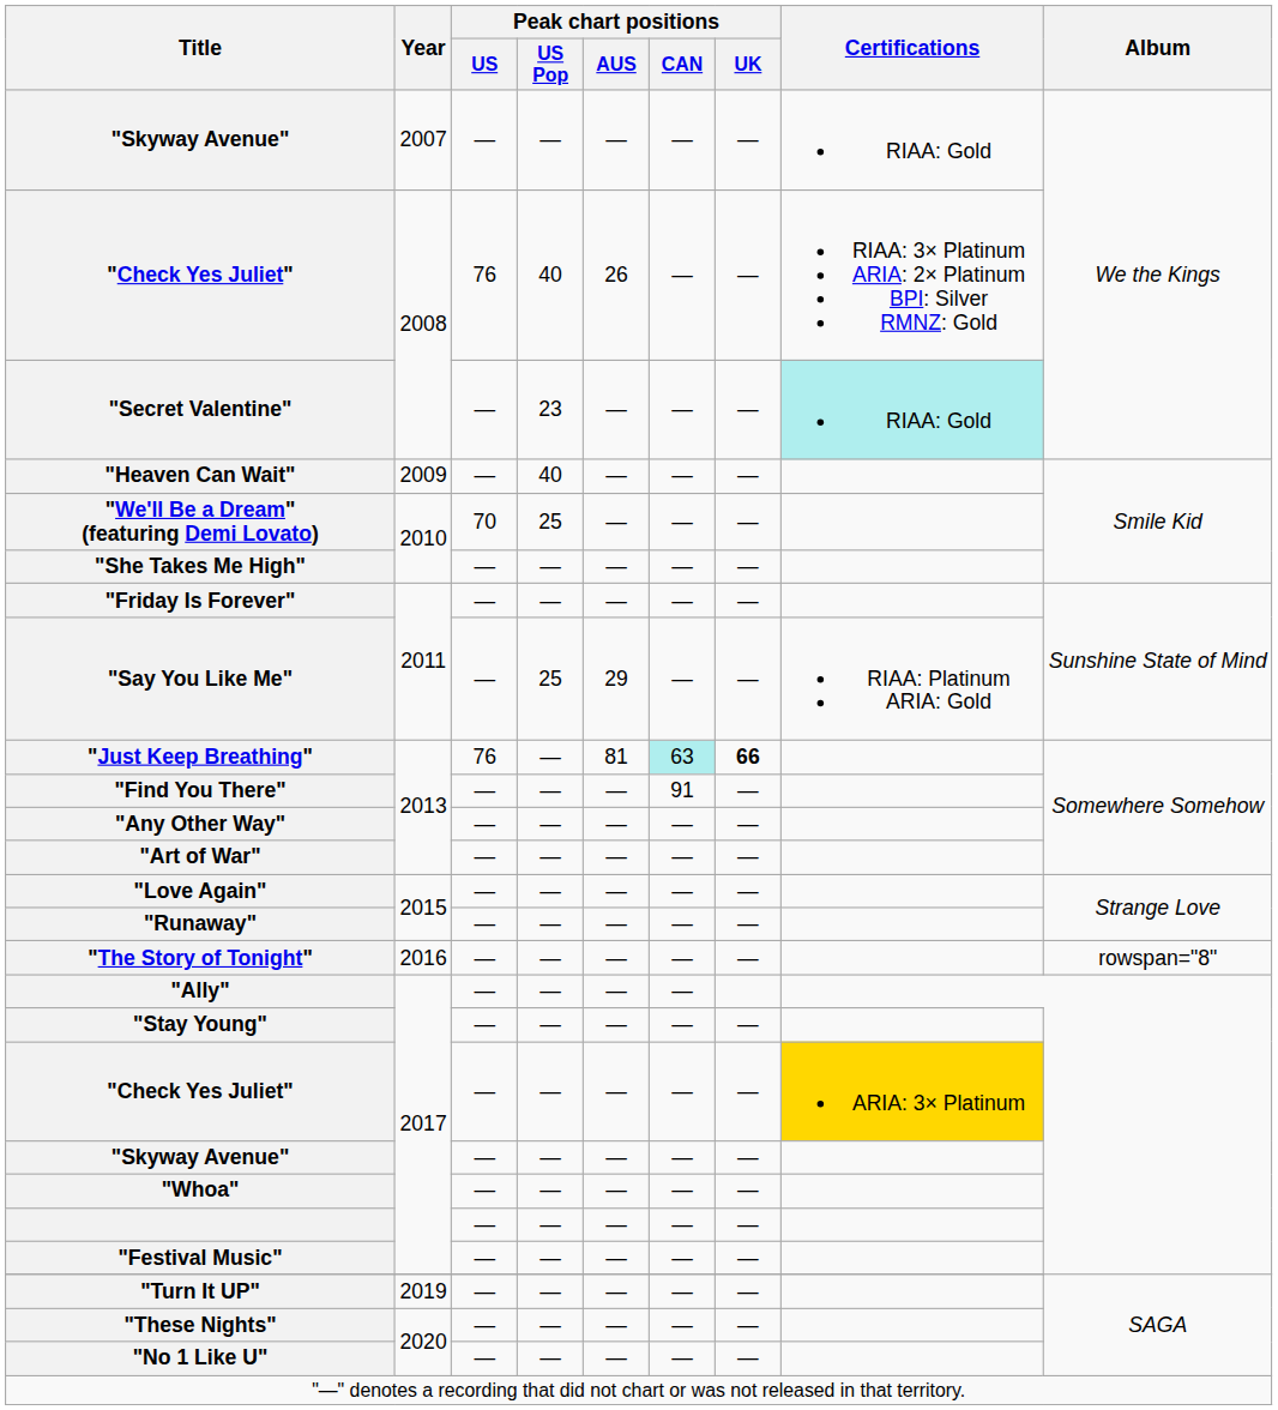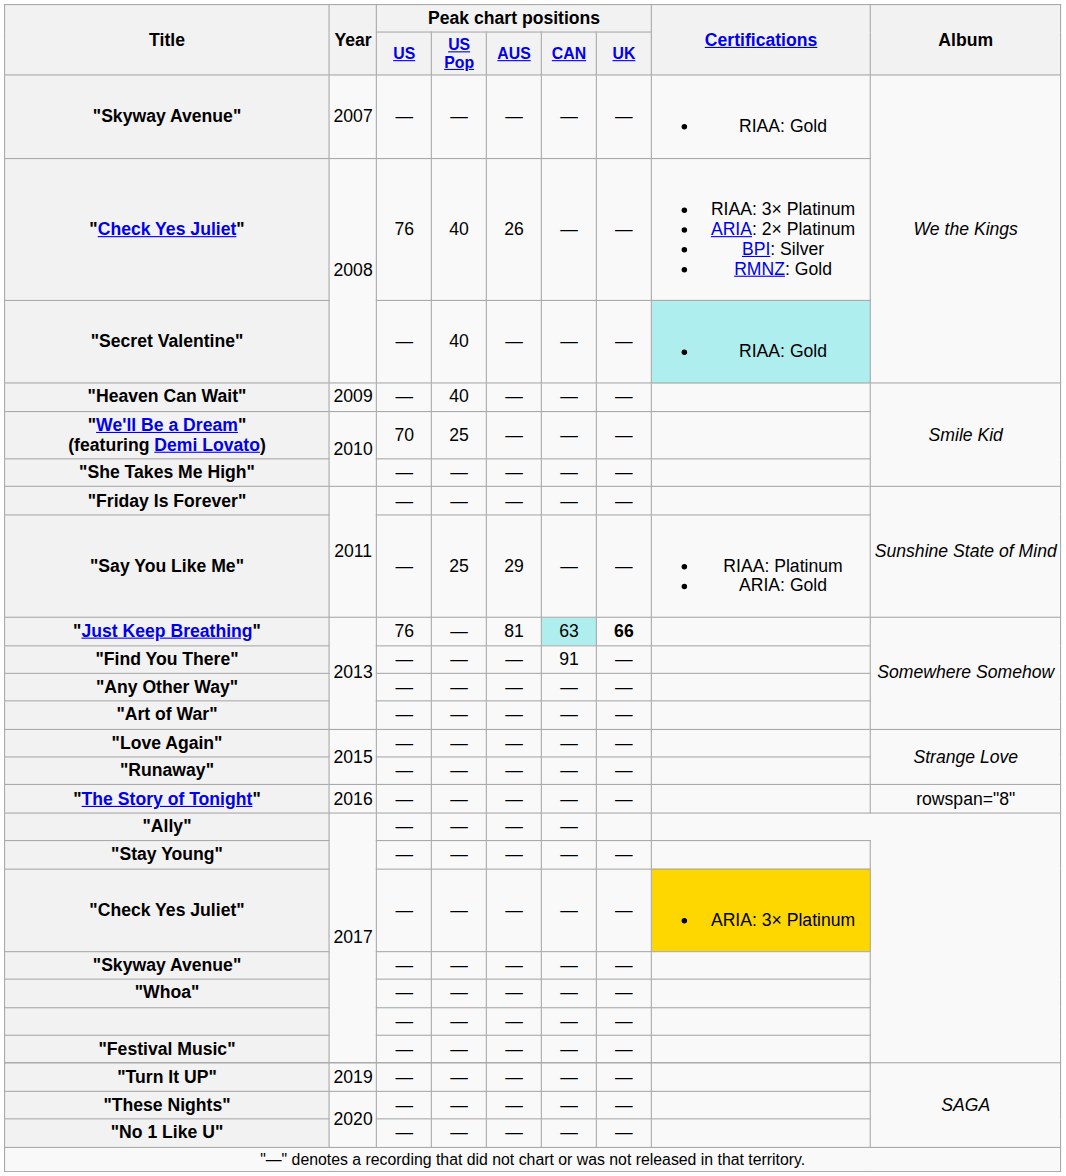 <table class="wikitable plainrowheaders" style="text-align:center;">
 <tr>
 <th scope="col" rowspan="2" style="width:18em;">Title</th>
 <th scope="col" rowspan="2">Year</th>
 <th scope="col" colspan="5">Peak chart positions</th>
 <th scope="col" rowspan="2" style="width:12em;"><a href='#'>Certifications</a></th>
 <th scope="col" rowspan="2">Album</th>
 </tr>
 <tr>
 <th scope="col" style="width:3em;font-size:90%;"><a href='#'>US</a><br></th>
 <th scope="col" style="width:3em;font-size:90%;"><a href='#'>US<br>Pop</a><br></th>
 <th scope="col" style="width:3em;font-size:90%;"><a href='#'>AUS</a><br></th>
 <th scope="col" style="width:3em;font-size:90%;"><a href='#'>CAN</a><br></th>
 <th scope="col" style="width:3em;font-size:90%;"><a href='#'>UK</a><br></th>
 </tr>
 <tr>
 <th scope="row">"Skyway Avenue"</th>
 <td>2007</td>
 <td>—</td>
 <td>—</td>
 <td>—</td>
 <td>—</td>
 <td>—</td>
 <td><br><ul><li>RIAA: Gold</li></ul></td>
 <td rowspan="3"><em>We the Kings</em></td>
 </tr>
 <tr>
 <th scope="row">"<a href='#'>Check Yes Juliet</a>"</th>
 <td rowspan="2">2008</td>
 <td>76</td>
 <td>40</td>
 <td>26</td>
 <td>—</td>
 <td>—</td>
 <td><br><ul><li>RIAA: 3× Platinum</li><li><a href='#'>ARIA</a>: 2× Platinum</li><li><a href='#'>BPI</a>: Silver</li><li><a href='#'>RMNZ</a>: Gold</li></ul></td>
 </tr>
 <tr>
 <th scope="row">"Secret Valentine"</th>
 <td>—</td>
-<td>23</td>
+<td>40</td>
 <td>—</td>
 <td>—</td>
 <td>—</td>
 <td style="background: paleturquoise;"><br><ul><li>RIAA: Gold</li></ul></td>
 </tr>
 <tr>
 <th scope="row">"Heaven Can Wait"</th>
 <td>2009</td>
 <td>—</td>
 <td>40</td>
 <td>—</td>
 <td>—</td>
 <td>—</td>
 <td></td>
 <td rowspan="3"><em>Smile Kid</em></td>
 </tr>
 <tr>
 <th scope="row">"<a href='#'>We'll Be a Dream</a>"<br><span>(featuring <a href='#'>Demi Lovato</a>)</span></th>
 <td rowspan="2">2010</td>
 <td>70</td>
 <td>25</td>
 <td>—</td>
 <td>—</td>
 <td>—</td>
 <td></td>
 </tr>
 <tr>
 <th scope="row">"She Takes Me High"</th>
 <td>—</td>
 <td>—</td>
 <td>—</td>
 <td>—</td>
 <td>—</td>
 <td></td>
 </tr>
 <tr>
 <th scope="row">"Friday Is Forever"</th>
 <td rowspan="2">2011</td>
 <td>—</td>
 <td>—</td>
 <td>—</td>
 <td>—</td>
 <td>—</td>
 <td></td>
 <td rowspan="2"><em>Sunshine State of Mind</em></td>
 </tr>
 <tr>
 <th scope="row">"Say You Like Me"</th>
 <td>—</td>
 <td>25</td>
 <td>29</td>
 <td>—</td>
 <td>—</td>
 <td><br><ul><li>RIAA: Platinum</li><li>ARIA: Gold</li></ul></td>
 </tr>
 <tr>
 <th scope="row">"<a href='#'>Just Keep Breathing</a>"</th>
 <td rowspan="4">2013</td>
 <td>76</td>
 <td>—</td>
 <td>81</td>
 <td style="background: paleturquoise;">63</td>
 <td><strong>66</strong></td>
 <td></td>
 <td rowspan="4"><em>Somewhere Somehow</em></td>
 </tr>
 <tr>
 <th scope="row">"Find You There"</th>
 <td>—</td>
 <td>—</td>
 <td>—</td>
 <td>91</td>
 <td>—</td>
 <td></td>
 </tr>
 <tr>
 <th scope="row">"Any Other Way"</th>
 <td>—</td>
 <td>—</td>
 <td>—</td>
 <td>—</td>
 <td>—</td>
 <td></td>
 </tr>
 <tr>
 <th scope="row">"Art of War"</th>
 <td>—</td>
 <td>—</td>
 <td>—</td>
 <td>—</td>
 <td>—</td>
 <td></td>
 </tr>
 <tr>
 <th scope="row">"Love Again"</th>
 <td rowspan="2">2015</td>
 <td>—</td>
 <td>—</td>
 <td>—</td>
 <td>—</td>
 <td>—</td>
 <td></td>
 <td rowspan="2"><em>Strange Love</em></td>
 </tr>
 <tr>
 <th scope="row">"Runaway"</th>
 <td>—</td>
 <td>—</td>
 <td>—</td>
 <td>—</td>
 <td>—</td>
 <td></td>
 </tr>
 <tr>
 <th scope="row">"<a href='#'>The Story of Tonight</a>"</th>
 <td>2016</td>
 <td>—</td>
 <td>—</td>
 <td>—</td>
 <td>—</td>
 <td>—</td>
 <td></td>
 <td>rowspan="8" </td>
 </tr>
 <tr>
 <th scope="row">"Ally"</th>
 <td rowspan="7">2017</td>
 <td>—</td>
 <td>—</td>
 <td>—</td>
 <td>—</td>
 <td —></td>
 </tr>
 <tr>
 <th scope="row">"Stay Young"</th>
 <td>—</td>
 <td>—</td>
 <td>—</td>
 <td>—</td>
 <td>—</td>
 <td></td>
 </tr>
 <tr>
 <th scope="row">"Check Yes Juliet"</th>
 <td>—</td>
 <td>—</td>
 <td>—</td>
 <td>—</td>
 <td>—</td>
 <td style="background: gold;"><br><ul><li>ARIA: 3× Platinum</li></ul></td>
 </tr>
 <tr>
 <th scope="row">"Skyway Avenue"</th>
 <td>—</td>
 <td>—</td>
 <td>—</td>
 <td>—</td>
 <td>—</td>
 <td></td>
 </tr>
 <tr>
 <th scope="row">"Whoa"</th>
 <td>—</td>
 <td>—</td>
 <td>—</td>
 <td>—</td>
 <td>—</td>
 <td></td>
 </tr>
 <tr>
 <th scope="row"></th>
 <td>—</td>
 <td>—</td>
 <td>—</td>
 <td>—</td>
 <td>—</td>
 <td></td>
 </tr>
 <tr>
 <th scope="row">"Festival Music"</th>
 <td>—</td>
 <td>—</td>
 <td>—</td>
 <td>—</td>
 <td>—</td>
 <td></td>
 </tr>
 <tr>
 </tr>
 <tr>
 <th scope="row">"Turn It UP"</th>
 <td rowspan=1>2019</td>
 <td>—</td>
 <td>—</td>
 <td>—</td>
 <td>—</td>
 <td>—</td>
 <td></td>
 <td rowspan=3><em>SAGA</em></td>
 </tr>
 <tr>
 <th scope="row">"These Nights"</th>
 <td rowspan=2>2020</td>
 <td>—</td>
 <td>—</td>
 <td>—</td>
 <td>—</td>
 <td>—</td>
 <td></td>
 </tr>
 <tr>
 <th scope="row">"No 1 Like U"</th>
 <td>—</td>
 <td>—</td>
 <td>—</td>
 <td>—</td>
 <td>—</td>
 <td></td>
 </tr>
 <tr>
 <td colspan="10" style="font-size:90%">"—" denotes a recording that did not chart or was not released in that territory.</td>
 </tr>
 <tr>
 </tr>
 </table>
